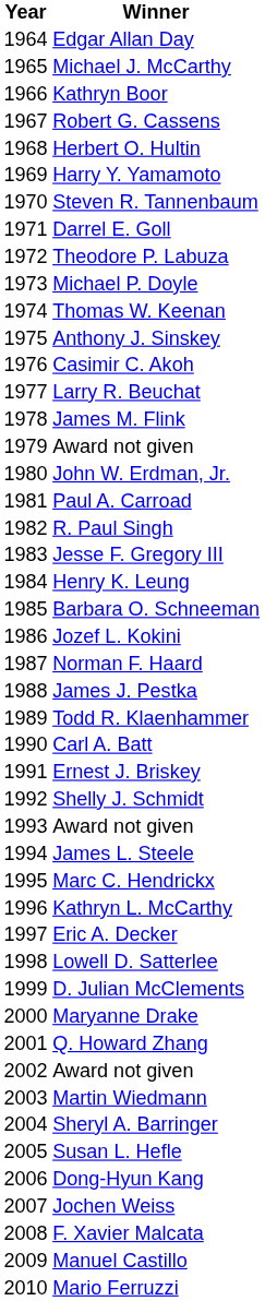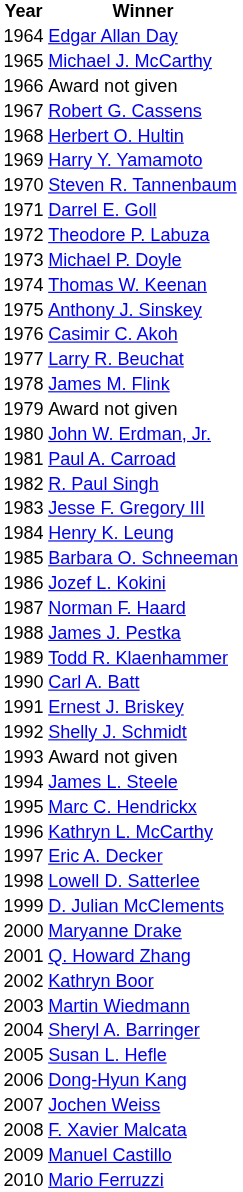 <table>
 <tr>
 <th>Year</th>
 <th>Winner</th>
 </tr>
 <tr>
 <td>1964</td>
 <td><a href='#'>Edgar Allan Day</a></td>
 </tr>
 <tr>
 <td>1965</td>
 <td><a href='#'>Michael J. McCarthy</a></td>
 </tr>
 <tr>
 <td>1966</td>
-<td><a href='#'>Kathryn Boor</a></td>
+<td>Award not given</td>
 </tr>
 <tr>
 <td>1967</td>
 <td><a href='#'>Robert G. Cassens</a></td>
 </tr>
 <tr>
 <td>1968</td>
 <td><a href='#'>Herbert O. Hultin</a></td>
 </tr>
 <tr>
 <td>1969</td>
 <td><a href='#'>Harry Y. Yamamoto</a></td>
 </tr>
 <tr>
 <td>1970</td>
 <td><a href='#'>Steven R. Tannenbaum</a></td>
 </tr>
 <tr>
 <td>1971</td>
 <td><a href='#'>Darrel E. Goll</a></td>
 </tr>
 <tr>
 <td>1972</td>
 <td><a href='#'>Theodore P. Labuza</a></td>
 </tr>
 <tr>
 <td>1973</td>
 <td><a href='#'>Michael P. Doyle</a></td>
 </tr>
 <tr>
 <td>1974</td>
 <td><a href='#'>Thomas W. Keenan</a></td>
 </tr>
 <tr>
 <td>1975</td>
 <td><a href='#'>Anthony J. Sinskey</a></td>
 </tr>
 <tr>
 <td>1976</td>
 <td><a href='#'>Casimir C. Akoh</a></td>
 </tr>
 <tr>
 <td>1977</td>
 <td><a href='#'>Larry R. Beuchat</a></td>
 </tr>
 <tr>
 <td>1978</td>
 <td><a href='#'>James M. Flink</a></td>
 </tr>
 <tr>
 <td>1979</td>
 <td>Award not given</td>
 </tr>
 <tr>
 <td>1980</td>
 <td><a href='#'>John W. Erdman, Jr.</a></td>
 </tr>
 <tr>
 <td>1981</td>
 <td><a href='#'>Paul A. Carroad</a></td>
 </tr>
 <tr>
 <td>1982</td>
 <td><a href='#'>R. Paul Singh</a></td>
 </tr>
 <tr>
 <td>1983</td>
 <td><a href='#'>Jesse F. Gregory III</a></td>
 </tr>
 <tr>
 <td>1984</td>
 <td><a href='#'>Henry K. Leung</a></td>
 </tr>
 <tr>
 <td>1985</td>
 <td><a href='#'>Barbara O. Schneeman</a></td>
 </tr>
 <tr>
 <td>1986</td>
 <td><a href='#'>Jozef L. Kokini</a></td>
 </tr>
 <tr>
 <td>1987</td>
 <td><a href='#'>Norman F. Haard</a></td>
 </tr>
 <tr>
 <td>1988</td>
 <td><a href='#'>James J. Pestka</a></td>
 </tr>
 <tr>
 <td>1989</td>
 <td><a href='#'>Todd R. Klaenhammer</a></td>
 </tr>
 <tr>
 <td>1990</td>
 <td><a href='#'>Carl A. Batt</a></td>
 </tr>
 <tr>
 <td>1991</td>
 <td><a href='#'>Ernest J. Briskey</a></td>
 </tr>
 <tr>
 <td>1992</td>
 <td><a href='#'>Shelly J. Schmidt</a></td>
 </tr>
 <tr>
 <td>1993</td>
 <td>Award not given</td>
 </tr>
 <tr>
 <td>1994</td>
 <td><a href='#'>James L. Steele</a></td>
 </tr>
 <tr>
 <td>1995</td>
 <td><a href='#'>Marc C. Hendrickx</a></td>
 </tr>
 <tr>
 <td>1996</td>
 <td><a href='#'>Kathryn L. McCarthy</a></td>
 </tr>
 <tr>
 <td>1997</td>
 <td><a href='#'>Eric A. Decker</a></td>
 </tr>
 <tr>
 <td>1998</td>
 <td><a href='#'>Lowell D. Satterlee</a></td>
 </tr>
 <tr>
 <td>1999</td>
 <td><a href='#'>D. Julian McClements</a></td>
 </tr>
 <tr>
 <td>2000</td>
 <td><a href='#'>Maryanne Drake</a></td>
 </tr>
 <tr>
 <td>2001</td>
 <td><a href='#'>Q. Howard Zhang</a></td>
 </tr>
 <tr>
 <td>2002</td>
-<td>Award not given</td>
+<td><a href='#'>Kathryn Boor</a></td>
 </tr>
 <tr>
 <td>2003</td>
 <td><a href='#'>Martin Wiedmann</a></td>
 </tr>
 <tr>
 <td>2004</td>
 <td><a href='#'>Sheryl A. Barringer</a></td>
 </tr>
 <tr>
 <td>2005</td>
 <td><a href='#'>Susan L. Hefle</a></td>
 </tr>
 <tr>
 <td>2006</td>
 <td><a href='#'>Dong-Hyun Kang</a></td>
 </tr>
 <tr>
 <td>2007</td>
 <td><a href='#'>Jochen Weiss</a></td>
 </tr>
 <tr>
 <td>2008</td>
 <td><a href='#'>F. Xavier Malcata</a></td>
 </tr>
 <tr>
 <td>2009</td>
 <td><a href='#'>Manuel Castillo</a></td>
 </tr>
 <tr>
 <td>2010</td>
 <td><a href='#'>Mario Ferruzzi</a></td>
 </tr>
 </table>
